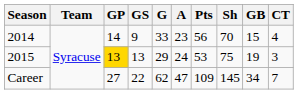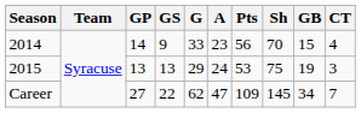 <table class="wikitable">
 <tr>
 <th>Season</th>
 <th>Team</th>
 <th>GP</th>
 <th>GS</th>
 <th>G</th>
 <th>A</th>
 <th>Pts</th>
 <th>Sh</th>
 <th>GB</th>
 <th>CT</th>
 </tr>
 <tr>
 <td>2014</td>
 <td rowspan="3"><a href='#'>Syracuse</a></td>
 <td>14</td>
 <td>9</td>
 <td>33</td>
 <td>23</td>
 <td>56</td>
 <td>70</td>
 <td>15</td>
 <td>4</td>
 </tr>
 <tr>
 <td>2015</td>
-<td style="background: gold;">13</td>
+<td>13</td>
 <td>13</td>
 <td>29</td>
 <td>24</td>
 <td>53</td>
 <td>75</td>
 <td>19</td>
 <td>3</td>
 </tr>
 <tr>
 <td>Career</td>
 <td>27</td>
 <td>22</td>
 <td>62</td>
 <td>47</td>
 <td>109</td>
 <td>145</td>
 <td>34</td>
 <td>7</td>
 </tr>
 </table>
